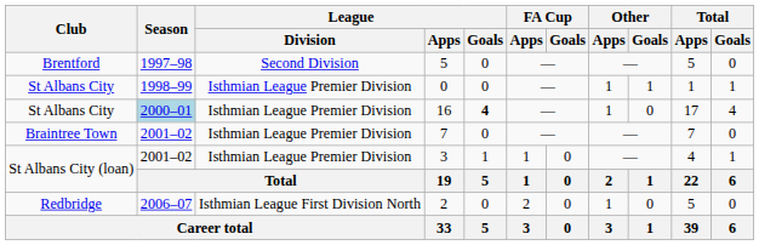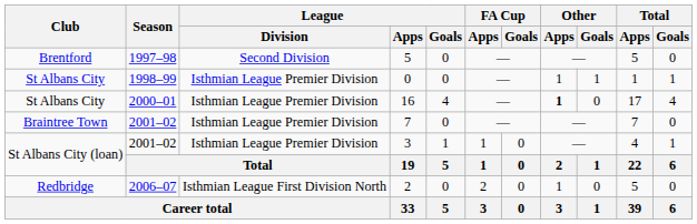 <table class="wikitable" style="text-align: center;">
 <tr>
 <th rowspan="2">Club</th>
 <th rowspan="2">Season</th>
 <th colspan="3">League</th>
 <th colspan="2">FA Cup</th>
 <th colspan="2">Other</th>
 <th colspan="2">Total</th>
 </tr>
 <tr>
 <th>Division</th>
 <th>Apps</th>
 <th>Goals</th>
 <th>Apps</th>
 <th>Goals</th>
 <th>Apps</th>
 <th>Goals</th>
 <th>Apps</th>
 <th>Goals</th>
 </tr>
 <tr>
 <td><a href='#'>Brentford</a></td>
 <td><a href='#'>1997–98</a></td>
 <td><a href='#'>Second Division</a></td>
 <td>5</td>
 <td>0</td>
 <td colspan="2">—</td>
 <td colspan="2">—</td>
 <td>5</td>
 <td>0</td>
 </tr>
 <tr>
 <td><a href='#'>St Albans City</a></td>
 <td><a href='#'>1998–99</a></td>
 <td><a href='#'>Isthmian League</a> Premier Division</td>
 <td>0</td>
 <td>0</td>
 <td colspan="2">—</td>
 <td>1</td>
 <td>1</td>
 <td>1</td>
 <td>1</td>
 </tr>
 <tr>
 <td>St Albans City</td>
-<td style="background: lightblue;"><a href='#'>2000–01</a></td>
+<td><a href='#'>2000–01</a></td>
 <td>Isthmian League Premier Division</td>
 <td>16</td>
-<td><strong>4</strong></td>
+<td>4</td>
 <td colspan="2">—</td>
-<td>1</td>
+<td><strong>1</strong></td>
 <td>0</td>
 <td>17</td>
 <td>4</td>
 </tr>
 <tr>
 <td><a href='#'>Braintree Town</a></td>
 <td><a href='#'>2001–02</a></td>
 <td>Isthmian League Premier Division</td>
 <td>7</td>
 <td>0</td>
 <td colspan="2">—</td>
 <td colspan="2">—</td>
 <td>7</td>
 <td>0</td>
 </tr>
 <tr>
 <td rowspan="2">St Albans City (loan)</td>
 <td>2001–02</td>
 <td>Isthmian League Premier Division</td>
 <td>3</td>
 <td>1</td>
 <td>1</td>
 <td>0</td>
 <td colspan="2">—</td>
 <td>4</td>
 <td>1</td>
 </tr>
 <tr>
 <th colspan="2">Total</th>
 <th>19</th>
 <th>5</th>
 <th>1</th>
 <th>0</th>
 <th>2</th>
 <th>1</th>
 <th>22</th>
 <th>6</th>
 </tr>
 <tr>
 <td><a href='#'>Redbridge</a></td>
 <td><a href='#'>2006–07</a></td>
 <td>Isthmian League First Division North</td>
 <td>2</td>
 <td>0</td>
 <td>2</td>
 <td>0</td>
 <td>1</td>
 <td>0</td>
 <td>5</td>
 <td>0</td>
 </tr>
 <tr>
 <th colspan="3">Career total</th>
 <th>33</th>
 <th>5</th>
 <th>3</th>
 <th>0</th>
 <th>3</th>
 <th>1</th>
 <th>39</th>
 <th>6</th>
 </tr>
 </table>
